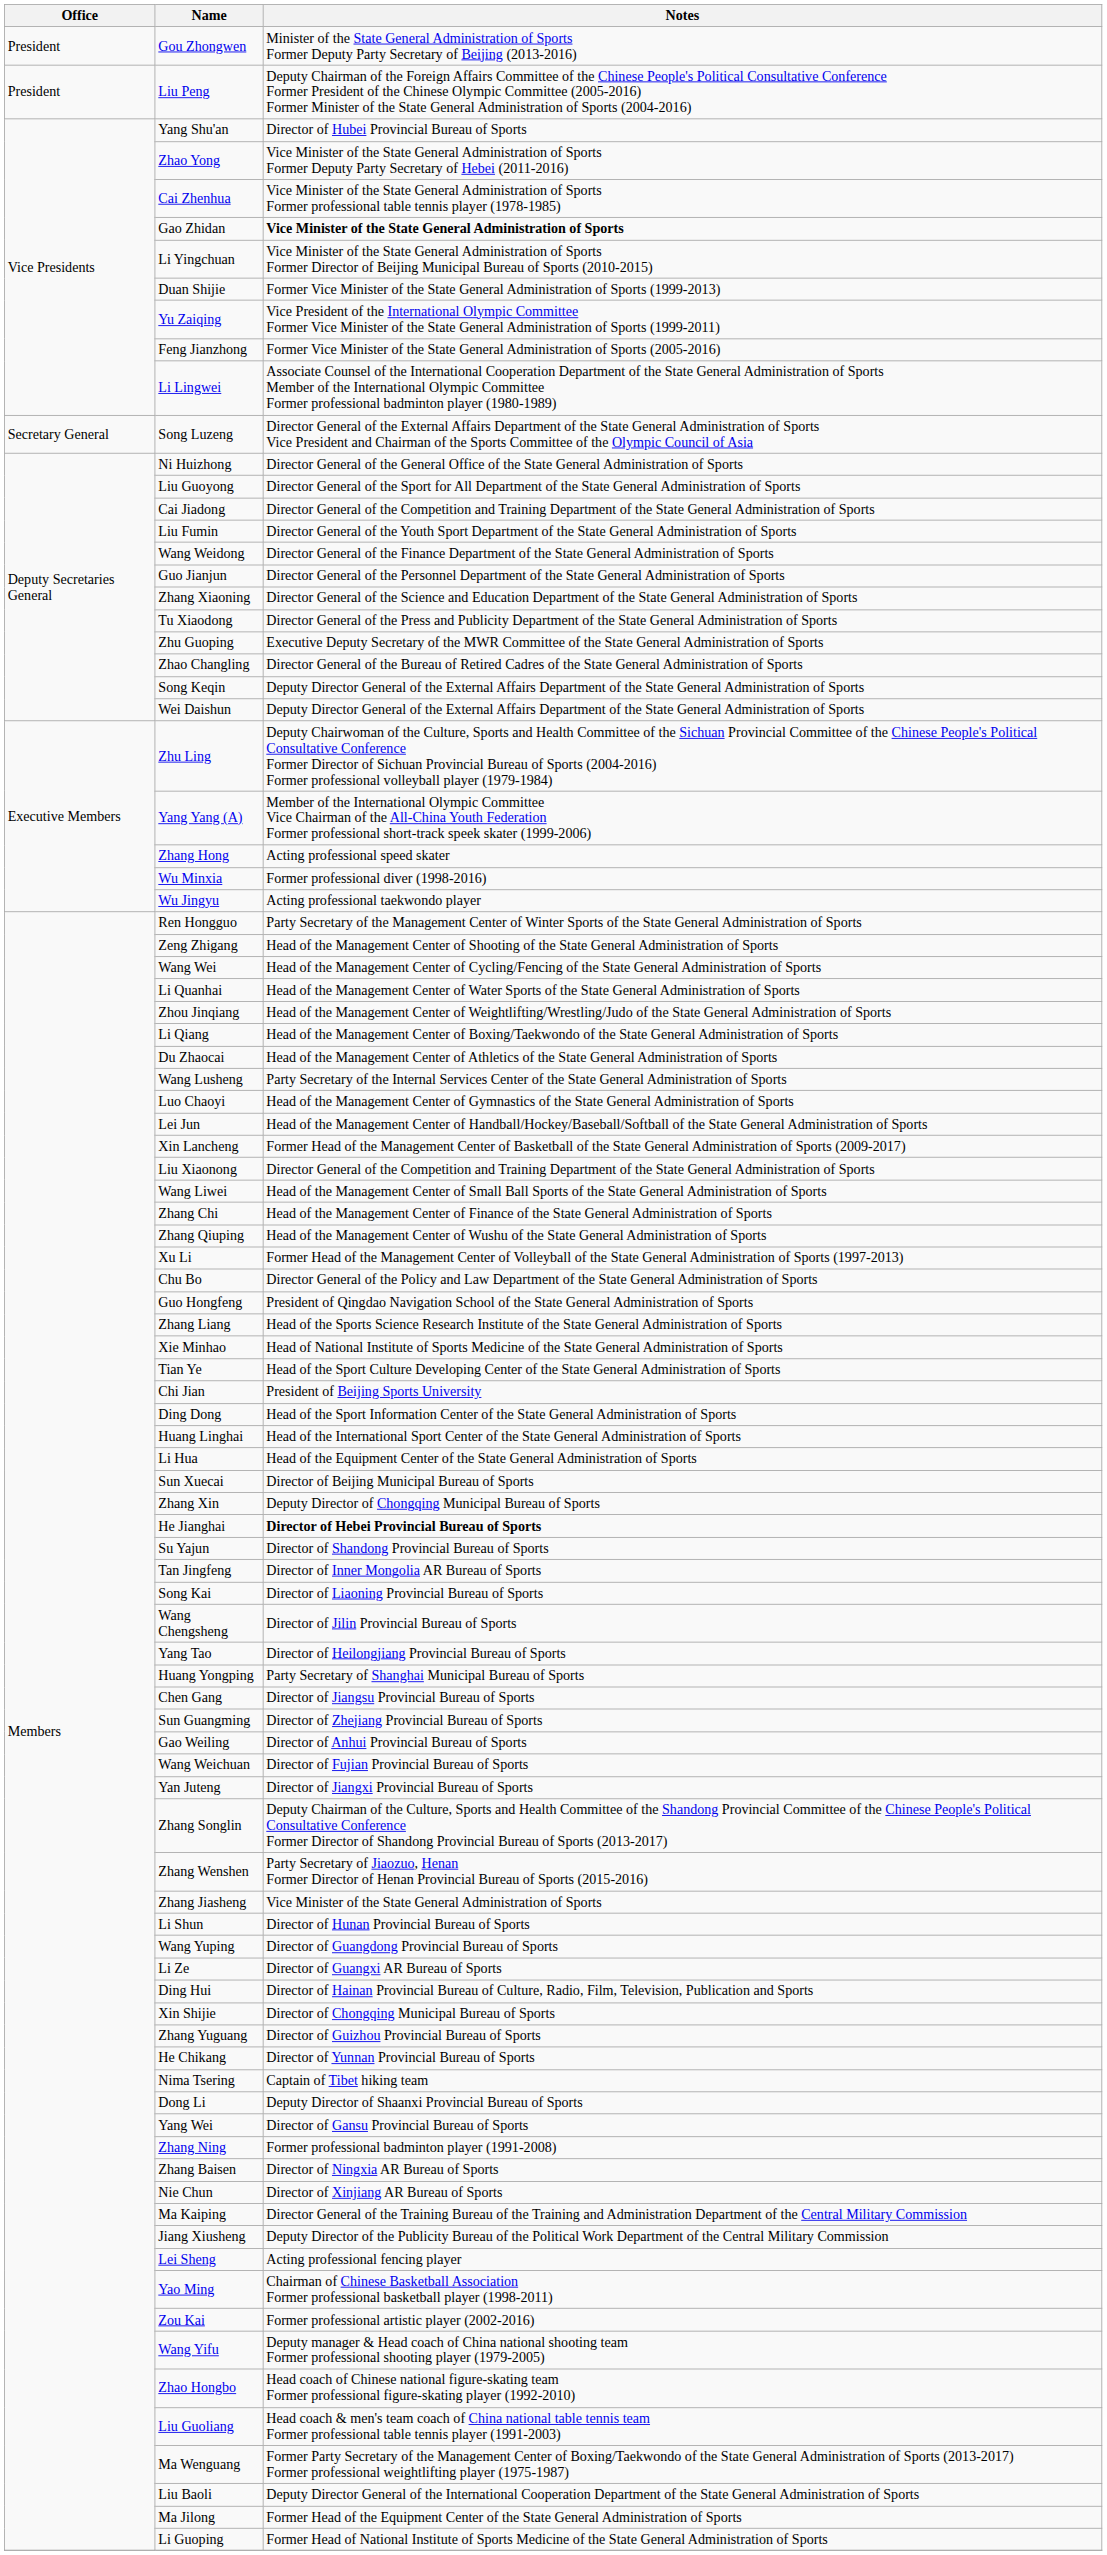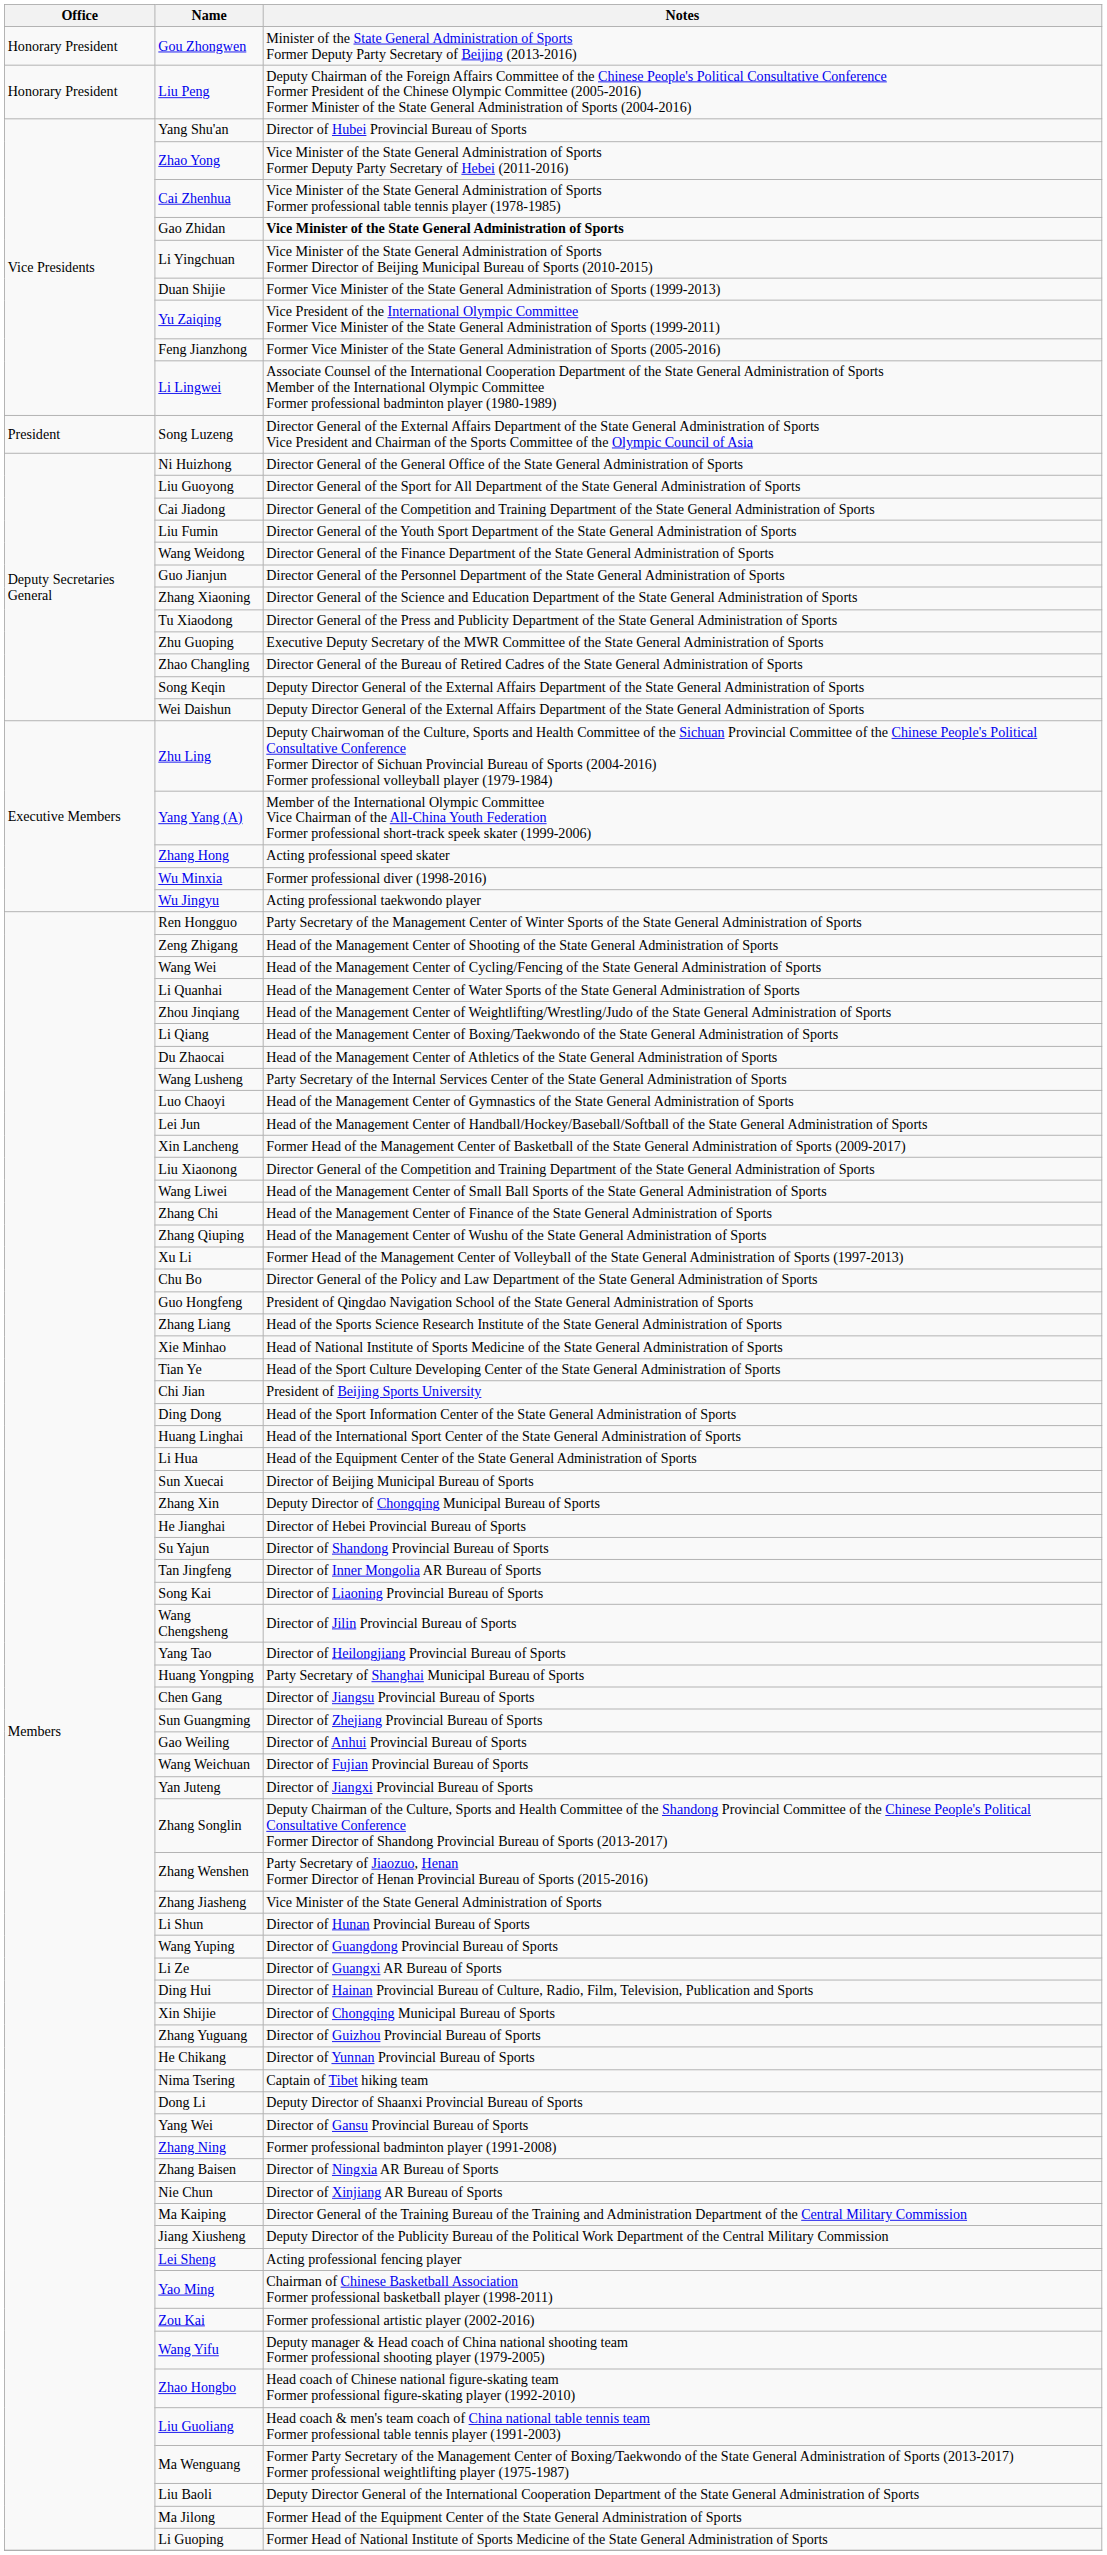 <table class="wikitable" style="text-align: left;">
 <tr>
 <th>Office</th>
 <th>Name</th>
 <th>Notes</th>
 </tr>
 <tr>
-<td>President</td>
+<td>Honorary President</td>
 <td><a href='#'>Gou Zhongwen</a></td>
 <td>Minister of the <a href='#'>State General Administration of Sports</a><br>Former Deputy Party Secretary of <a href='#'>Beijing</a> (2013-2016)</td>
 </tr>
 <tr>
-<td>President</td>
+<td>Honorary President</td>
 <td><a href='#'>Liu Peng</a></td>
 <td>Deputy Chairman of the Foreign Affairs Committee of the <a href='#'>Chinese People's Political Consultative Conference</a><br>Former President of the Chinese Olympic Committee (2005-2016)<br>Former Minister of the State General Administration of Sports (2004-2016)</td>
 </tr>
 <tr>
 <td rowspan=9>Vice Presidents</td>
 <td>Yang Shu'an</td>
 <td>Director of <a href='#'>Hubei</a> Provincial Bureau of Sports</td>
 </tr>
 <tr>
 <td><a href='#'>Zhao Yong</a></td>
 <td>Vice Minister of the State General Administration of Sports<br>Former Deputy Party Secretary of <a href='#'>Hebei</a> (2011-2016)</td>
 </tr>
 <tr>
 <td><a href='#'>Cai Zhenhua</a></td>
 <td>Vice Minister of the State General Administration of Sports<br>Former professional table tennis player (1978-1985)</td>
 </tr>
 <tr>
 <td>Gao Zhidan</td>
 <td><strong>Vice Minister of the State General Administration of Sports</strong></td>
 </tr>
 <tr>
 <td>Li Yingchuan</td>
 <td>Vice Minister of the State General Administration of Sports<br>Former Director of Beijing Municipal Bureau of Sports (2010-2015)</td>
 </tr>
 <tr>
 <td>Duan Shijie</td>
 <td>Former Vice Minister of the State General Administration of Sports (1999-2013)</td>
 </tr>
 <tr>
 <td><a href='#'>Yu Zaiqing</a></td>
 <td>Vice President of the <a href='#'>International Olympic Committee</a><br>Former Vice Minister of the State General Administration of Sports (1999-2011)</td>
 </tr>
 <tr>
 <td>Feng Jianzhong</td>
 <td>Former Vice Minister of the State General Administration of Sports (2005-2016)</td>
 </tr>
 <tr>
 <td><a href='#'>Li Lingwei</a></td>
 <td>Associate Counsel of the International Cooperation Department of the State General Administration of Sports<br>Member of the International Olympic Committee<br>Former professional badminton player (1980-1989)</td>
 </tr>
 <tr>
-<td>Secretary General</td>
+<td>President</td>
 <td>Song Luzeng</td>
 <td>Director General of the External Affairs Department of the State General Administration of Sports<br>Vice President and Chairman of the Sports Committee of the <a href='#'>Olympic Council of Asia</a></td>
 </tr>
 <tr>
 <td rowspan=12>Deputy Secretaries General</td>
 <td>Ni Huizhong</td>
 <td>Director General of the General Office of the State General Administration of Sports</td>
 </tr>
 <tr>
 <td>Liu Guoyong</td>
 <td>Director General of the Sport for All Department of the State General Administration of Sports</td>
 </tr>
 <tr>
 <td>Cai Jiadong</td>
 <td>Director General of the Competition and Training Department of the State General Administration of Sports</td>
 </tr>
 <tr>
 <td>Liu Fumin</td>
 <td>Director General of the Youth Sport Department of the State General Administration of Sports</td>
 </tr>
 <tr>
 <td>Wang Weidong</td>
 <td>Director General of the Finance Department of the State General Administration of Sports</td>
 </tr>
 <tr>
 <td>Guo Jianjun</td>
 <td>Director General of the Personnel Department of the State General Administration of Sports</td>
 </tr>
 <tr>
 <td>Zhang Xiaoning</td>
 <td>Director General of the Science and Education Department of the State General Administration of Sports</td>
 </tr>
 <tr>
 <td>Tu Xiaodong</td>
 <td>Director General of the Press and Publicity Department of the State General Administration of Sports</td>
 </tr>
 <tr>
 <td>Zhu Guoping</td>
 <td>Executive Deputy Secretary of the MWR Committee of the State General Administration of Sports</td>
 </tr>
 <tr>
 <td>Zhao Changling</td>
 <td>Director General of the Bureau of Retired Cadres of the State General Administration of Sports</td>
 </tr>
 <tr>
 <td>Song Keqin</td>
 <td>Deputy Director General of the External Affairs Department of the State General Administration of Sports</td>
 </tr>
 <tr>
 <td>Wei Daishun</td>
 <td>Deputy Director General of the External Affairs Department of the State General Administration of Sports</td>
 </tr>
 <tr>
 <td rowspan=5>Executive Members</td>
 <td><a href='#'>Zhu Ling</a></td>
 <td>Deputy Chairwoman of the Culture, Sports and Health Committee of the <a href='#'>Sichuan</a> Provincial Committee of the <a href='#'>Chinese People's Political Consultative Conference</a><br>Former Director of Sichuan Provincial Bureau of Sports (2004-2016)<br>Former professional volleyball player (1979-1984)</td>
 </tr>
 <tr>
 <td><a href='#'>Yang Yang (A)</a></td>
 <td>Member of the International Olympic Committee<br>Vice Chairman of the <a href='#'>All-China Youth Federation</a><br>Former professional short-track speek skater (1999-2006)</td>
 </tr>
 <tr>
 <td><a href='#'>Zhang Hong</a></td>
 <td>Acting professional speed skater</td>
 </tr>
 <tr>
 <td><a href='#'>Wu Minxia</a></td>
 <td>Former professional diver (1998-2016)</td>
 </tr>
 <tr>
 <td><a href='#'>Wu Jingyu</a></td>
 <td>Acting professional taekwondo player</td>
 </tr>
 <tr>
 <td rowspan=67>Members</td>
 <td>Ren Hongguo</td>
 <td>Party Secretary of the Management Center of Winter Sports of the State General Administration of Sports</td>
 </tr>
 <tr>
 <td>Zeng Zhigang</td>
 <td>Head of the Management Center of Shooting of the State General Administration of Sports</td>
 </tr>
 <tr>
 <td>Wang Wei</td>
 <td>Head of the Management Center of Cycling/Fencing of the State General Administration of Sports</td>
 </tr>
 <tr>
 <td>Li Quanhai</td>
 <td>Head of the Management Center of Water Sports of the State General Administration of Sports</td>
 </tr>
 <tr>
 <td>Zhou Jinqiang</td>
 <td>Head of the Management Center of Weightlifting/Wrestling/Judo of the State General Administration of Sports</td>
 </tr>
 <tr>
 <td>Li Qiang</td>
 <td>Head of the Management Center of Boxing/Taekwondo of the State General Administration of Sports</td>
 </tr>
 <tr>
 <td>Du Zhaocai</td>
 <td>Head of the Management Center of Athletics of the State General Administration of Sports</td>
 </tr>
 <tr>
 <td>Wang Lusheng</td>
 <td>Party Secretary of the Internal Services Center of the State General Administration of Sports</td>
 </tr>
 <tr>
 <td>Luo Chaoyi</td>
 <td>Head of the Management Center of Gymnastics of the State General Administration of Sports</td>
 </tr>
 <tr>
 <td>Lei Jun</td>
 <td>Head of the Management Center of Handball/Hockey/Baseball/Softball of the State General Administration of Sports</td>
 </tr>
 <tr>
 <td>Xin Lancheng</td>
 <td>Former Head of the Management Center of Basketball of the State General Administration of Sports (2009-2017)</td>
 </tr>
 <tr>
 <td>Liu Xiaonong</td>
 <td>Director General of the Competition and Training Department of the State General Administration of Sports</td>
 </tr>
 <tr>
 <td>Wang Liwei</td>
 <td>Head of the Management Center of Small Ball Sports of the State General Administration of Sports</td>
 </tr>
 <tr>
 <td>Zhang Chi</td>
 <td>Head of the Management Center of Finance of the State General Administration of Sports</td>
 </tr>
 <tr>
 <td>Zhang Qiuping</td>
 <td>Head of the Management Center of Wushu of the State General Administration of Sports</td>
 </tr>
 <tr>
 <td>Xu Li</td>
 <td>Former Head of the Management Center of Volleyball of the State General Administration of Sports (1997-2013)</td>
 </tr>
 <tr>
 <td>Chu Bo</td>
 <td>Director General of the Policy and Law Department of the State General Administration of Sports</td>
 </tr>
 <tr>
 <td>Guo Hongfeng</td>
 <td>President of Qingdao Navigation School of the State General Administration of Sports</td>
 </tr>
 <tr>
 <td>Zhang Liang</td>
 <td>Head of the Sports Science Research Institute of the State General Administration of Sports</td>
 </tr>
 <tr>
 <td>Xie Minhao</td>
 <td>Head of National Institute of Sports Medicine of the State General Administration of Sports</td>
 </tr>
 <tr>
 <td>Tian Ye</td>
 <td>Head of the Sport Culture Developing Center of the State General Administration of Sports</td>
 </tr>
 <tr>
 <td>Chi Jian</td>
 <td>President of <a href='#'>Beijing Sports University</a></td>
 </tr>
 <tr>
 <td>Ding Dong</td>
 <td>Head of the Sport Information Center of the State General Administration of Sports</td>
 </tr>
 <tr>
 <td>Huang Linghai</td>
 <td>Head of the International Sport  Center of the State General Administration of Sports</td>
 </tr>
 <tr>
 <td>Li Hua</td>
 <td>Head of the Equipment Center of the State General Administration of Sports</td>
 </tr>
 <tr>
 <td>Sun Xuecai</td>
 <td>Director of Beijing Municipal Bureau of Sports</td>
 </tr>
 <tr>
 <td>Zhang Xin</td>
 <td>Deputy Director of <a href='#'>Chongqing</a> Municipal Bureau of Sports</td>
 </tr>
 <tr>
 <td>He Jianghai</td>
-<td><strong>Director of Hebei Provincial Bureau of Sports</strong></td>
+<td>Director of Hebei Provincial Bureau of Sports</td>
 </tr>
 <tr>
 <td>Su Yajun</td>
 <td>Director of <a href='#'>Shandong</a> Provincial Bureau of Sports</td>
 </tr>
 <tr>
 <td>Tan Jingfeng</td>
 <td>Director of <a href='#'>Inner Mongolia</a> AR Bureau of Sports</td>
 </tr>
 <tr>
 <td>Song Kai</td>
 <td>Director of <a href='#'>Liaoning</a> Provincial Bureau of Sports</td>
 </tr>
 <tr>
 <td>Wang Chengsheng</td>
 <td>Director of <a href='#'>Jilin</a> Provincial Bureau of Sports</td>
 </tr>
 <tr>
 <td>Yang Tao</td>
 <td>Director of <a href='#'>Heilongjiang</a> Provincial Bureau of Sports</td>
 </tr>
 <tr>
 <td>Huang Yongping</td>
 <td>Party Secretary of <a href='#'>Shanghai</a> Municipal Bureau of Sports</td>
 </tr>
 <tr>
 <td>Chen Gang</td>
 <td>Director of <a href='#'>Jiangsu</a> Provincial Bureau of Sports</td>
 </tr>
 <tr>
 <td>Sun Guangming</td>
 <td>Director of <a href='#'>Zhejiang</a> Provincial Bureau of Sports</td>
 </tr>
 <tr>
 <td>Gao Weiling</td>
 <td>Director of <a href='#'>Anhui</a> Provincial Bureau of Sports</td>
 </tr>
 <tr>
 <td>Wang Weichuan</td>
 <td>Director of <a href='#'>Fujian</a> Provincial Bureau of Sports</td>
 </tr>
 <tr>
 <td>Yan Juteng</td>
 <td>Director of <a href='#'>Jiangxi</a> Provincial Bureau of Sports</td>
 </tr>
 <tr>
 <td>Zhang Songlin</td>
 <td>Deputy Chairman of the Culture, Sports and Health Committee of the <a href='#'>Shandong</a> Provincial Committee of the <a href='#'>Chinese People's Political Consultative Conference</a><br>Former Director of Shandong Provincial Bureau of Sports (2013-2017)</td>
 </tr>
 <tr>
 <td>Zhang Wenshen</td>
 <td>Party Secretary of <a href='#'>Jiaozuo</a>, <a href='#'>Henan</a><br>Former Director of Henan Provincial Bureau of Sports (2015-2016)</td>
 </tr>
 <tr>
 <td>Zhang Jiasheng</td>
 <td>Vice Minister of the State General Administration of Sports</td>
 </tr>
 <tr>
 <td>Li Shun</td>
 <td>Director of <a href='#'>Hunan</a> Provincial Bureau of Sports</td>
 </tr>
 <tr>
 <td>Wang Yuping</td>
 <td>Director of <a href='#'>Guangdong</a> Provincial Bureau of Sports</td>
 </tr>
 <tr>
 <td>Li Ze</td>
 <td>Director of <a href='#'>Guangxi</a> AR Bureau of Sports</td>
 </tr>
 <tr>
 <td>Ding Hui</td>
 <td>Director of <a href='#'>Hainan</a> Provincial Bureau of Culture, Radio, Film, Television, Publication and Sports</td>
 </tr>
 <tr>
 <td>Xin Shijie</td>
 <td>Director of <a href='#'>Chongqing</a> Municipal Bureau of Sports</td>
 </tr>
 <tr>
 <td>Zhang Yuguang</td>
 <td>Director of <a href='#'>Guizhou</a> Provincial Bureau of Sports</td>
 </tr>
 <tr>
 <td>He Chikang</td>
 <td>Director of <a href='#'>Yunnan</a> Provincial Bureau of Sports</td>
 </tr>
 <tr>
 <td>Nima Tsering</td>
 <td>Captain of <a href='#'>Tibet</a> hiking team</td>
 </tr>
 <tr>
 <td>Dong Li</td>
 <td>Deputy Director of Shaanxi Provincial Bureau of Sports</td>
 </tr>
 <tr>
 <td>Yang Wei</td>
 <td>Director of <a href='#'>Gansu</a> Provincial Bureau of Sports</td>
 </tr>
 <tr>
 <td><a href='#'>Zhang Ning</a></td>
 <td>Former professional badminton player (1991-2008)</td>
 </tr>
 <tr>
 <td>Zhang Baisen</td>
 <td>Director of <a href='#'>Ningxia</a> AR Bureau of Sports</td>
 </tr>
 <tr>
 <td>Nie Chun</td>
 <td>Director of <a href='#'>Xinjiang</a> AR Bureau of Sports</td>
 </tr>
 <tr>
 <td>Ma Kaiping</td>
 <td>Director General of the Training Bureau of the Training and Administration Department of the <a href='#'>Central Military Commission</a></td>
 </tr>
 <tr>
 <td>Jiang Xiusheng</td>
 <td>Deputy Director of the Publicity Bureau of the Political Work Department of the Central Military Commission</td>
 </tr>
 <tr>
 <td><a href='#'>Lei Sheng</a></td>
 <td>Acting professional fencing player</td>
 </tr>
 <tr>
 <td><a href='#'>Yao Ming</a></td>
 <td>Chairman of <a href='#'>Chinese Basketball Association</a><br>Former professional basketball player (1998-2011)</td>
 </tr>
 <tr>
 <td><a href='#'>Zou Kai</a></td>
 <td>Former professional artistic player (2002-2016)</td>
 </tr>
 <tr>
 <td><a href='#'>Wang Yifu</a></td>
 <td>Deputy manager & Head coach of China national shooting team<br>Former professional shooting player (1979-2005)</td>
 </tr>
 <tr>
 <td><a href='#'>Zhao Hongbo</a></td>
 <td>Head coach of Chinese national figure-skating team<br>Former professional figure-skating player (1992-2010)</td>
 </tr>
 <tr>
 <td><a href='#'>Liu Guoliang</a></td>
 <td>Head coach & men's team coach of <a href='#'>China national table tennis team</a><br>Former professional table tennis player (1991-2003)</td>
 </tr>
 <tr>
 <td>Ma Wenguang</td>
 <td>Former Party Secretary of the Management Center of Boxing/Taekwondo of the State General Administration of Sports (2013-2017)<br>Former professional weightlifting player (1975-1987)</td>
 </tr>
 <tr>
 <td>Liu Baoli</td>
 <td>Deputy Director General of the International Cooperation Department of the State General Administration of Sports</td>
 </tr>
 <tr>
 <td>Ma Jilong</td>
 <td>Former Head of the Equipment Center of the State General Administration of Sports</td>
 </tr>
 <tr>
 <td>Li Guoping</td>
 <td>Former Head of National Institute of Sports Medicine of the State General Administration of Sports</td>
 </tr>
 <tr>
 </tr>
 </table>
